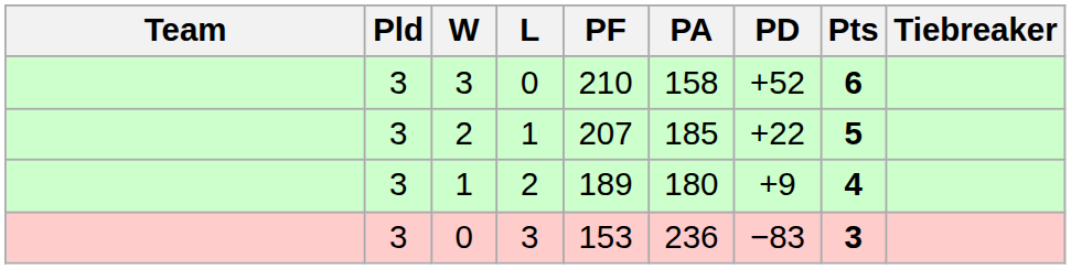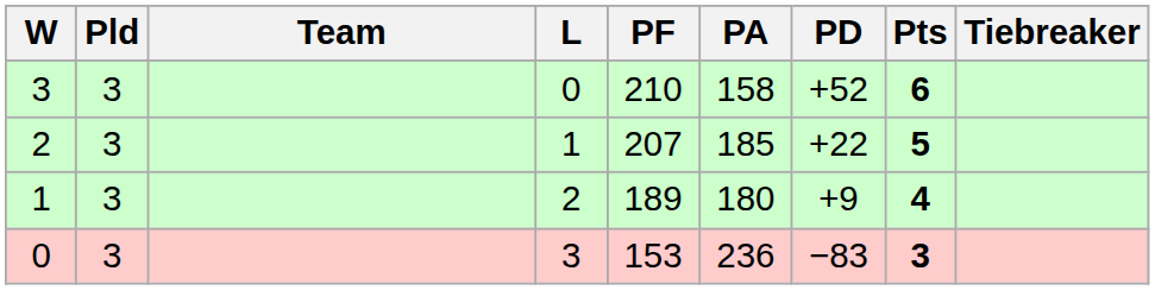 <table class="wikitable" style="text-align:center;">
 <tr>
+<th width=25>W</th>
+<th width=25>Pld</th>
 <th width=170>Team</th>
-<th width=25>Pld</th>
-<th width=25>W</th>
 <th width=25>L</th>
 <th width=35>PF</th>
 <th width=35>PA</th>
 <th width=35>PD</th>
 <th width=25>Pts</th>
 <th width=50>Tiebreaker</th>
 </tr>
 <tr bgcolor=ccffcc>
-<td align="left"></td>
 <td>3</td>
 <td>3</td>
+<td align="left"></td>
 <td>0</td>
 <td>210</td>
 <td>158</td>
 <td>+52</td>
 <td><strong>6</strong></td>
 <td></td>
 </tr>
 <tr bgcolor=ccffcc>
+<td>2</td>
+<td>3</td>
 <td align="left"></td>
-<td>3</td>
-<td>2</td>
 <td>1</td>
 <td>207</td>
 <td>185</td>
 <td>+22</td>
 <td><strong>5</strong></td>
 <td></td>
 </tr>
 <tr bgcolor=ccffcc>
+<td>1</td>
+<td>3</td>
 <td align="left"></td>
-<td>3</td>
-<td>1</td>
 <td>2</td>
 <td>189</td>
 <td>180</td>
 <td>+9</td>
 <td><strong>4</strong></td>
 <td></td>
 </tr>
 <tr bgcolor=ffcccc>
+<td>0</td>
+<td>3</td>
 <td align="left"></td>
-<td>3</td>
-<td>0</td>
 <td>3</td>
 <td>153</td>
 <td>236</td>
 <td>−83</td>
 <td><strong>3</strong></td>
 <td></td>
 </tr>
 </table>
